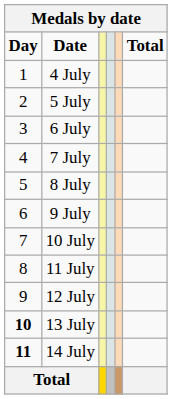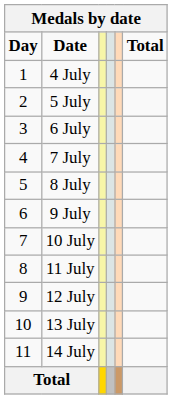 <table class="wikitable" style="font-size:85%; text-align:center">
 <tr style="background:#efefef;">
 <th colspan=6><strong>Medals by date</strong></th>
 </tr>
 <tr>
 <td><strong>Day</strong></td>
 <td><strong>Date</strong></td>
 <td style="background:#F7F6A8;"></td>
 <td style="background:#DCE5E5;"></td>
 <td style="background:#FFDAB9;"></td>
 <td><strong>Total</strong></td>
 </tr>
 <tr>
 <td>1</td>
 <td>4 July</td>
 <td style="background:#F7F6A8;"></td>
 <td style="background:#DCE5E5;"></td>
 <td style="background:#FFDAB9;"></td>
 <td></td>
 </tr>
 <tr>
 <td>2</td>
 <td>5 July</td>
 <td style="background:#F7F6A8;"></td>
 <td style="background:#DCE5E5;"></td>
 <td style="background:#FFDAB9;"></td>
 <td></td>
 </tr>
 <tr>
 <td>3</td>
 <td>6 July</td>
 <td style="background:#F7F6A8;"></td>
 <td style="background:#DCE5E5;"></td>
 <td style="background:#FFDAB9;"></td>
 <td></td>
 </tr>
 <tr>
 <td>4</td>
 <td>7 July</td>
 <td style="background:#F7F6A8;"></td>
 <td style="background:#DCE5E5;"></td>
 <td style="background:#FFDAB9;"></td>
 <td></td>
 </tr>
 <tr>
 <td>5</td>
 <td>8 July</td>
 <td style="background:#F7F6A8;"></td>
 <td style="background:#DCE5E5;"></td>
 <td style="background:#FFDAB9;"></td>
 <td></td>
 </tr>
 <tr>
 <td>6</td>
 <td>9 July</td>
 <td style="background:#F7F6A8;"></td>
 <td style="background:#DCE5E5;"></td>
 <td style="background:#FFDAB9;"></td>
 <td></td>
 </tr>
 <tr>
 <td>7</td>
 <td>10 July</td>
 <td style="background:#F7F6A8;"></td>
 <td style="background:#DCE5E5;"></td>
 <td style="background:#FFDAB9;"></td>
 <td></td>
 </tr>
 <tr>
 <td>8</td>
 <td>11 July</td>
 <td style="background:#F7F6A8;"></td>
 <td style="background:#DCE5E5;"></td>
 <td style="background:#FFDAB9;"></td>
 <td></td>
 </tr>
 <tr>
 <td>9</td>
 <td>12 July</td>
 <td style="background:#F7F6A8;"></td>
 <td style="background:#DCE5E5;"></td>
 <td style="background:#FFDAB9;"></td>
 <td></td>
 </tr>
 <tr>
-<td><strong>10</strong></td>
+<td>10</td>
 <td>13 July</td>
 <td style="background:#F7F6A8;"></td>
 <td style="background:#DCE5E5;"></td>
 <td style="background:#FFDAB9;"></td>
 <td></td>
 </tr>
 <tr>
-<td><strong>11</strong></td>
+<td>11</td>
 <td>14 July</td>
 <td style="background:#F7F6A8;"></td>
 <td style="background:#DCE5E5;"></td>
 <td style="background:#FFDAB9;"></td>
 <td></td>
 </tr>
 <tr>
 <th colspan="2">Total</th>
 <th style=background:gold></th>
 <th style=background:silver></th>
 <th style=background:#c96></th>
 <th></th>
 </tr>
 </table>
